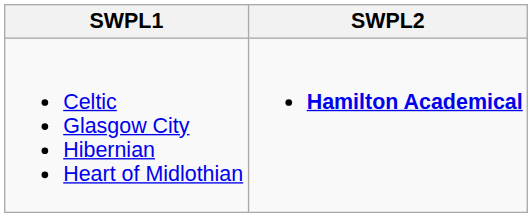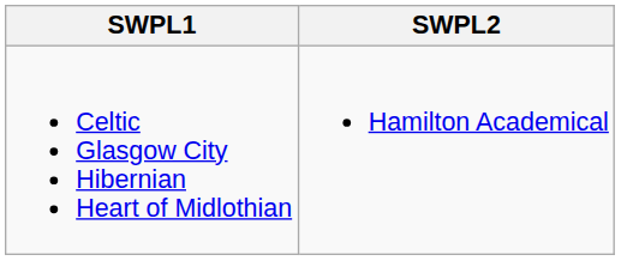 <table class="wikitable" style="text-align:left">
 <tr>
 <th>SWPL1</th>
 <th>SWPL2</th>
 </tr>
 <tr>
 <td valign=top><br><ul><li><a href='#'>Celtic</a></li><li><a href='#'>Glasgow City</a></li><li><a href='#'>Hibernian</a></li><li><a href='#'>Heart of Midlothian</a></li></ul></td>
-<td valign=top><strong><br><ul><li><a href='#'>Hamilton Academical</a></li></ul></strong></td>
+<td valign=top><br><ul><li><a href='#'>Hamilton Academical</a></li></ul></td>
 </tr>
 </table>
